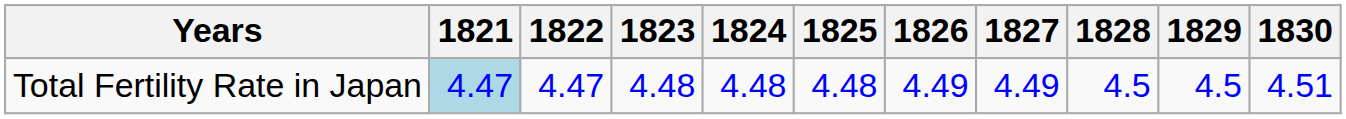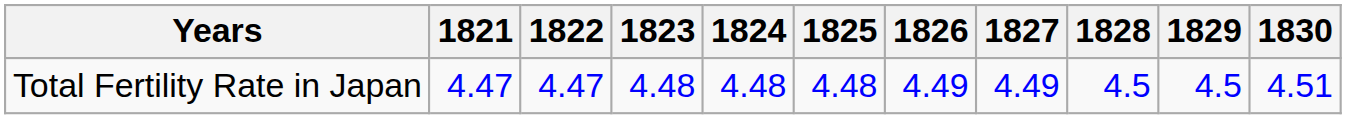 <table class="wikitable " style="text-align:right">
 <tr>
 <th>Years</th>
 <th>1821</th>
 <th>1822</th>
 <th>1823</th>
 <th>1824</th>
 <th>1825</th>
 <th>1826</th>
 <th>1827</th>
 <th>1828</th>
 <th>1829</th>
 <th>1830</th>
 </tr>
 <tr>
 <td align="left">Total Fertility Rate in Japan</td>
-<td style="background: lightblue; text-align:right; color:blue;">4.47</td>
+<td style="text-align:right; color:blue;">4.47</td>
 <td style="text-align:right; color:blue;">4.47</td>
 <td style="text-align:right; color:blue;">4.48</td>
 <td style="text-align:right; color:blue;">4.48</td>
 <td style="text-align:right; color:blue;">4.48</td>
 <td style="text-align:right; color:blue;">4.49</td>
 <td style="text-align:right; color:blue;">4.49</td>
 <td style="text-align:right; color:blue;">4.5</td>
 <td style="text-align:right; color:blue;">4.5</td>
 <td style="text-align:right; color:blue;">4.51</td>
 </tr>
 </table>
